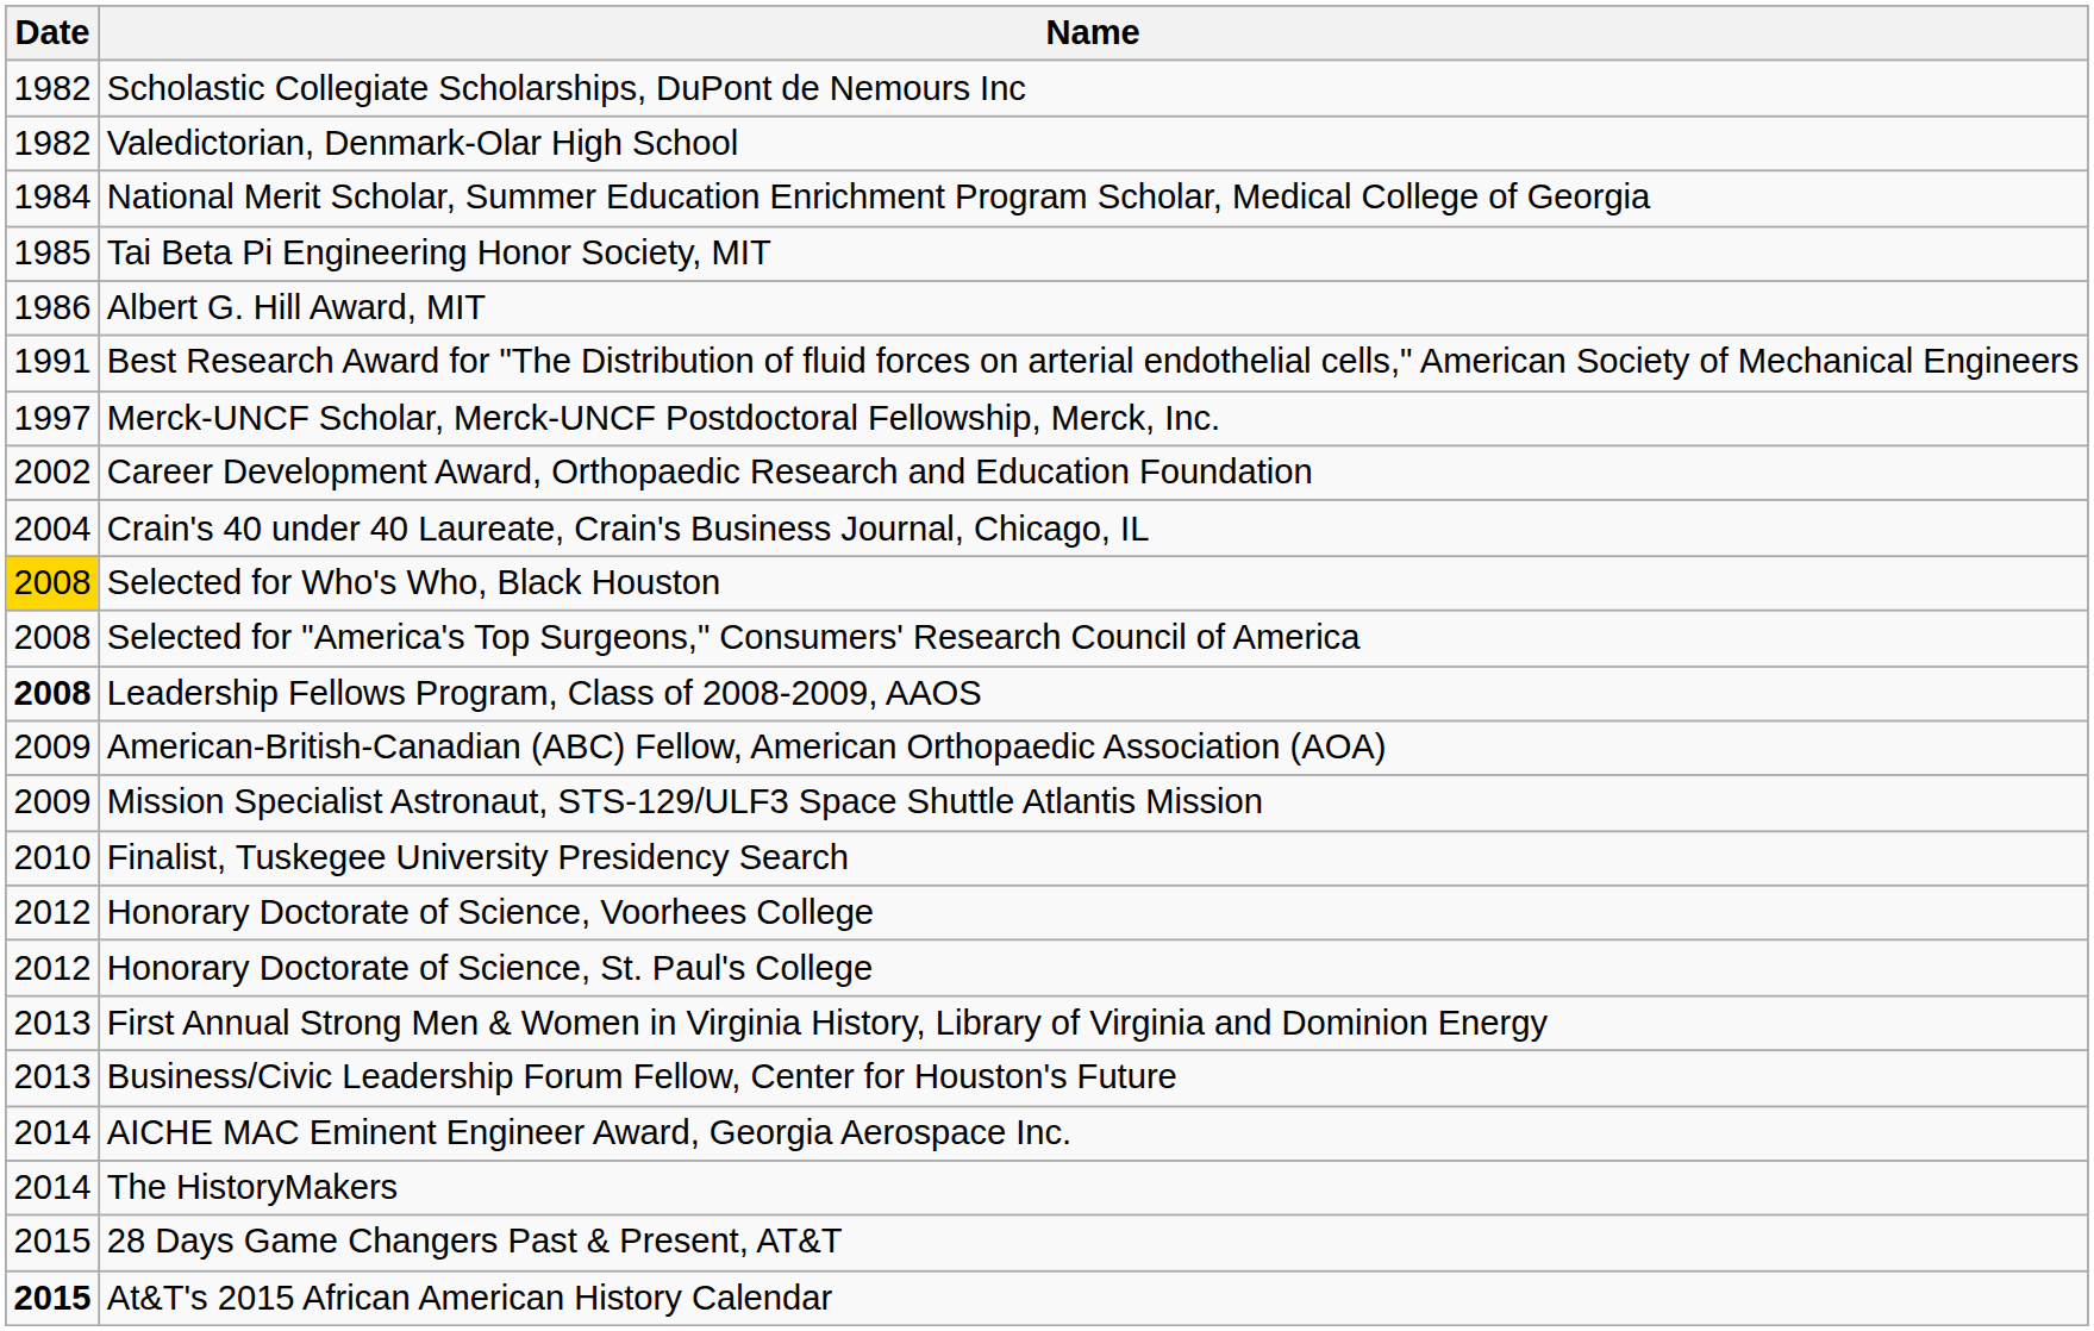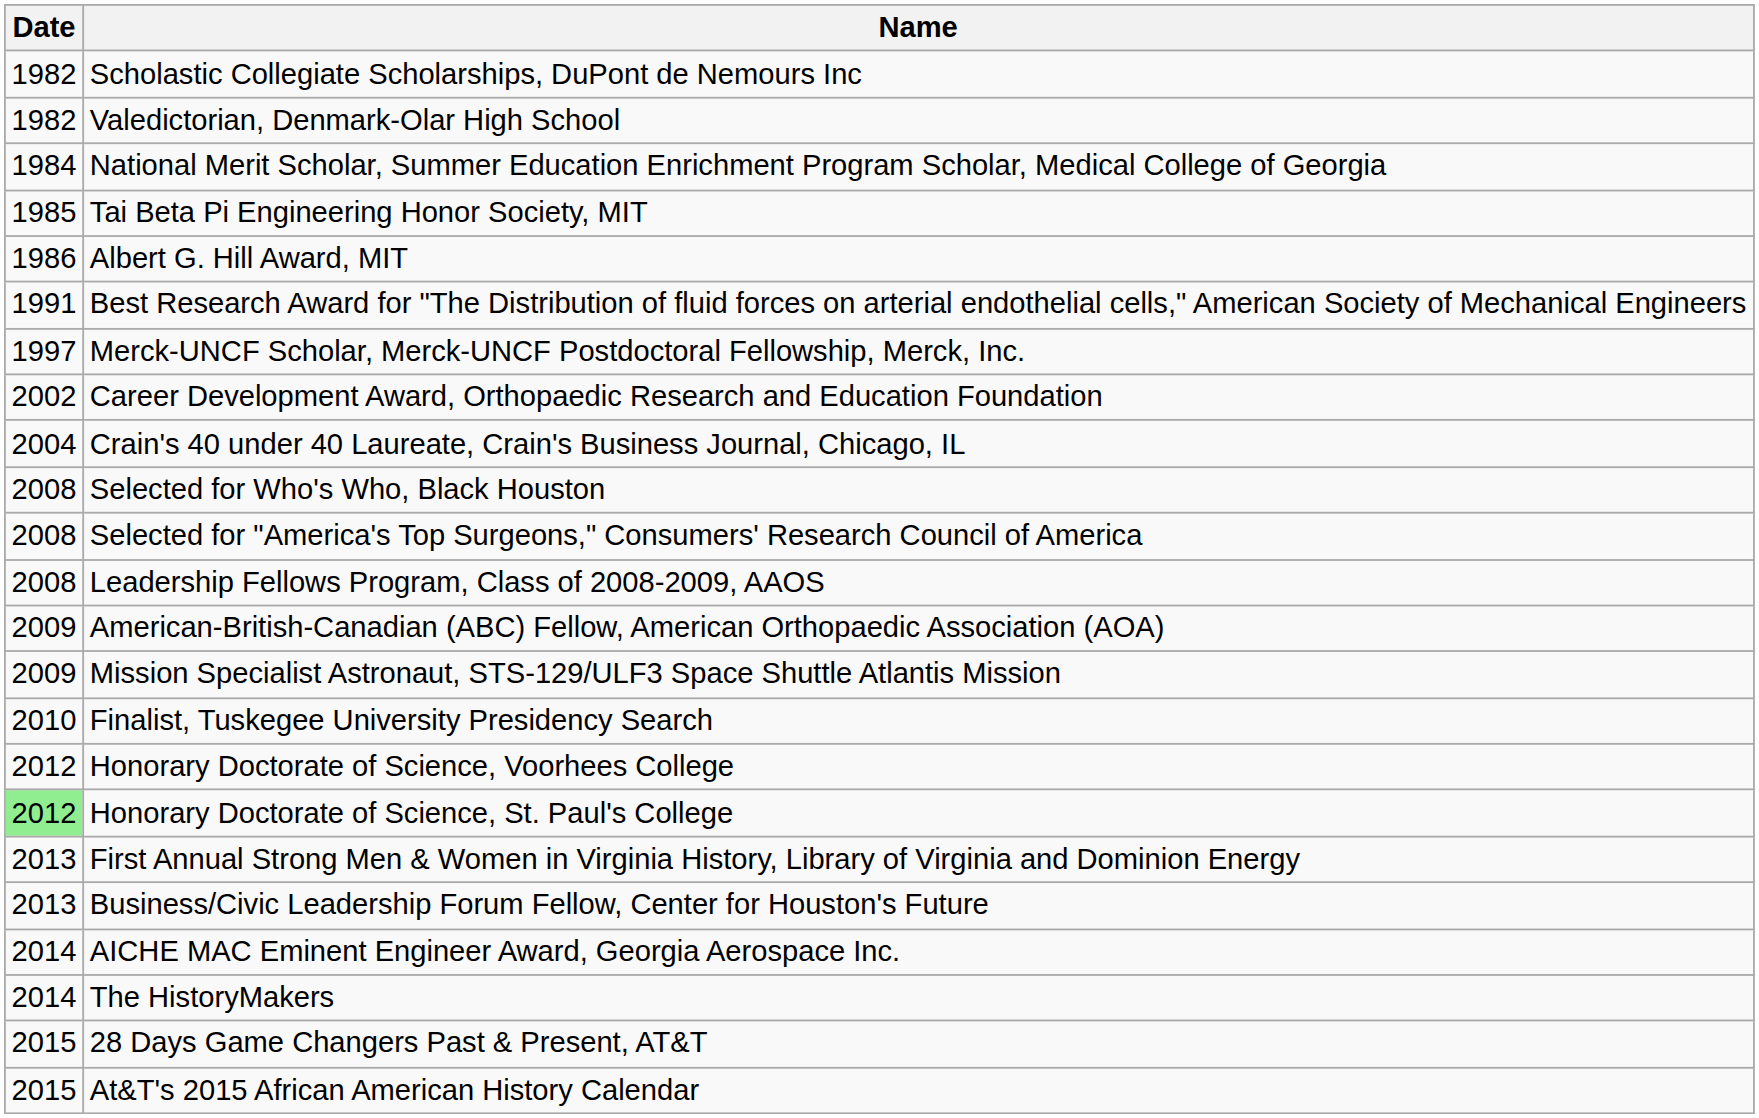 <table class="wikitable">
 <tr>
 <th>Date</th>
 <th>Name</th>
 </tr>
 <tr>
 <td>1982</td>
 <td>Scholastic Collegiate Scholarships, DuPont de Nemours Inc</td>
 </tr>
 <tr>
 <td>1982</td>
 <td>Valedictorian, Denmark-Olar High School</td>
 </tr>
 <tr>
 <td>1984</td>
 <td>National Merit Scholar, Summer Education Enrichment Program Scholar, Medical College of Georgia</td>
 </tr>
 <tr>
 <td>1985</td>
 <td>Tai Beta Pi Engineering Honor Society, MIT</td>
 </tr>
 <tr>
 <td>1986</td>
 <td>Albert G. Hill Award, MIT</td>
 </tr>
 <tr>
 <td>1991</td>
 <td>Best Research Award for "The Distribution of fluid forces on arterial endothelial cells," American Society of Mechanical Engineers</td>
 </tr>
 <tr>
 <td>1997</td>
 <td>Merck-UNCF Scholar, Merck-UNCF Postdoctoral Fellowship, Merck, Inc.</td>
 </tr>
 <tr>
 <td>2002</td>
 <td>Career Development Award, Orthopaedic Research and Education Foundation</td>
 </tr>
 <tr>
 <td>2004</td>
 <td>Crain's 40 under 40 Laureate, Crain's Business Journal, Chicago, IL</td>
 </tr>
 <tr>
-<td style="background: gold;">2008</td>
+<td>2008</td>
 <td>Selected for Who's Who, Black Houston</td>
 </tr>
 <tr>
 <td>2008</td>
 <td>Selected for "America's Top Surgeons," Consumers' Research Council of America</td>
 </tr>
 <tr>
-<td><strong>2008</strong></td>
+<td>2008</td>
 <td>Leadership Fellows Program, Class of 2008-2009, AAOS</td>
 </tr>
 <tr>
 <td>2009</td>
 <td>American-British-Canadian (ABC) Fellow, American Orthopaedic Association (AOA)</td>
 </tr>
 <tr>
 <td>2009</td>
 <td>Mission Specialist Astronaut, STS-129/ULF3 Space Shuttle Atlantis Mission</td>
 </tr>
 <tr>
 <td>2010</td>
 <td>Finalist, Tuskegee University Presidency Search</td>
 </tr>
 <tr>
 <td>2012</td>
 <td>Honorary Doctorate of Science, Voorhees College</td>
 </tr>
 <tr>
-<td>2012</td>
+<td style="background: lightgreen;">2012</td>
 <td>Honorary Doctorate of Science, St. Paul's College</td>
 </tr>
 <tr>
 <td>2013</td>
 <td>First Annual Strong Men & Women in Virginia History, Library of Virginia and Dominion Energy</td>
 </tr>
 <tr>
 <td>2013</td>
 <td>Business/Civic Leadership Forum Fellow, Center for Houston's Future</td>
 </tr>
 <tr>
 <td>2014</td>
 <td>AICHE MAC Eminent Engineer Award, Georgia Aerospace Inc.</td>
 </tr>
 <tr>
 <td>2014</td>
 <td>The HistoryMakers</td>
 </tr>
 <tr>
 <td>2015</td>
 <td>28 Days Game Changers Past & Present, AT&T</td>
 </tr>
 <tr>
-<td><strong>2015</strong></td>
+<td>2015</td>
 <td>At&T's 2015 African American History Calendar</td>
 </tr>
 </table>
